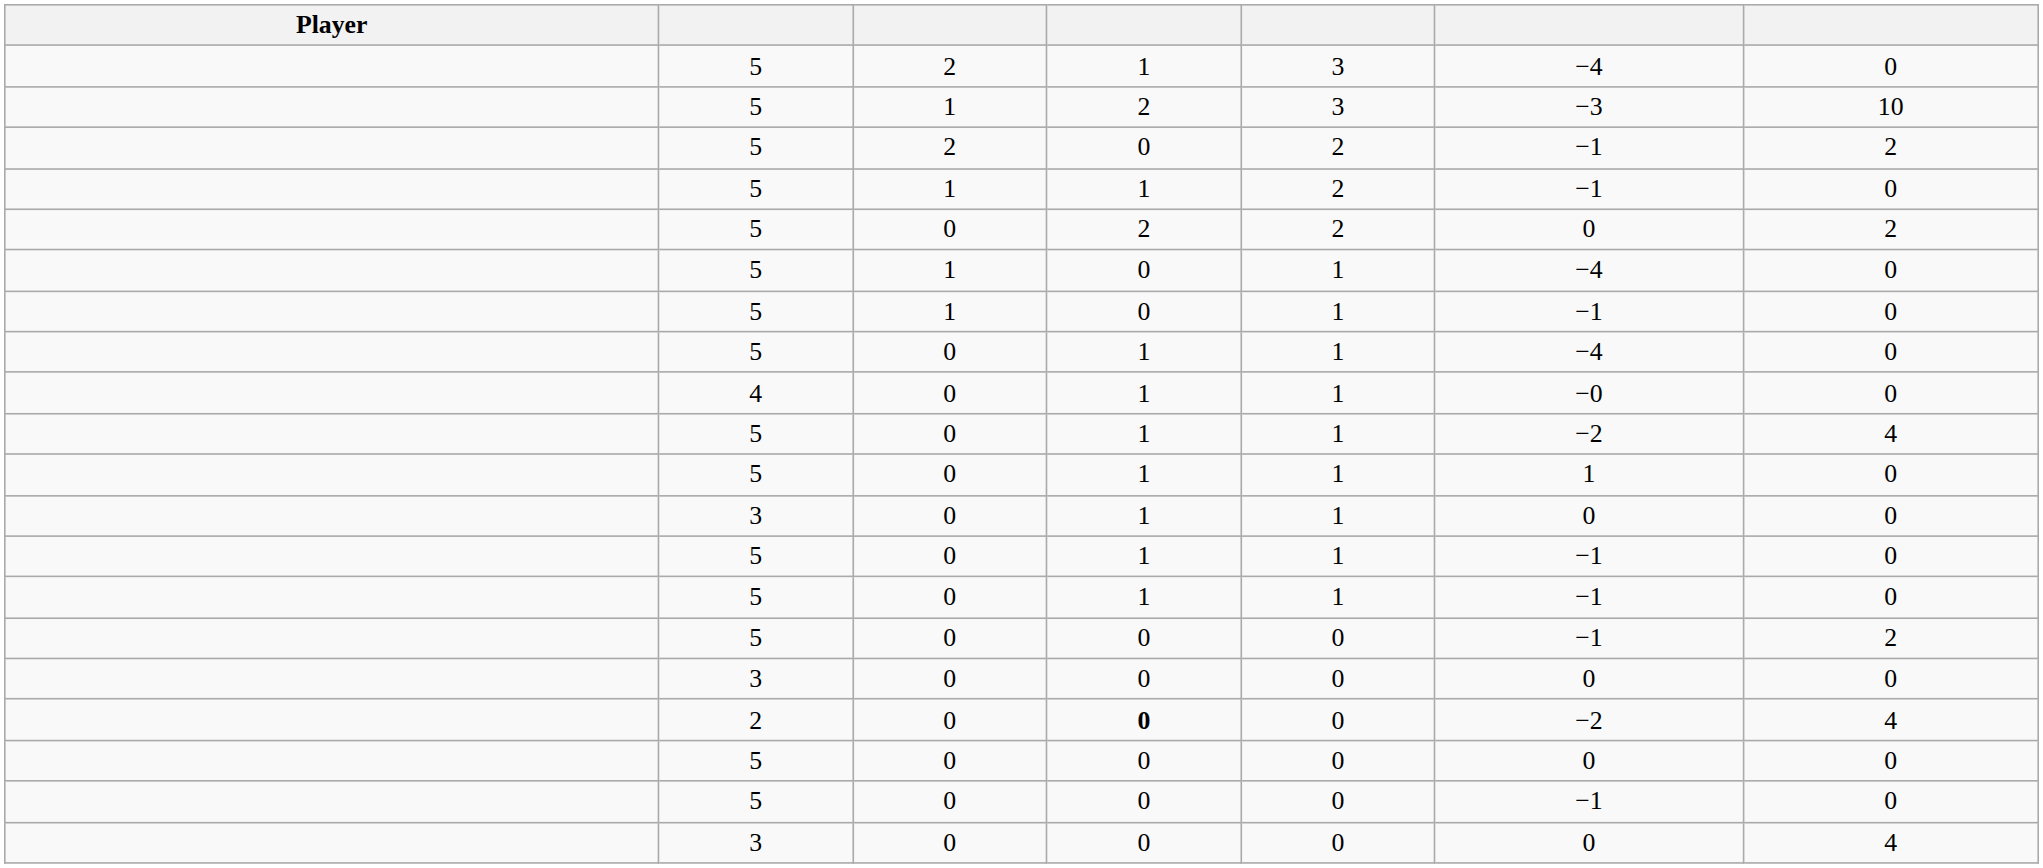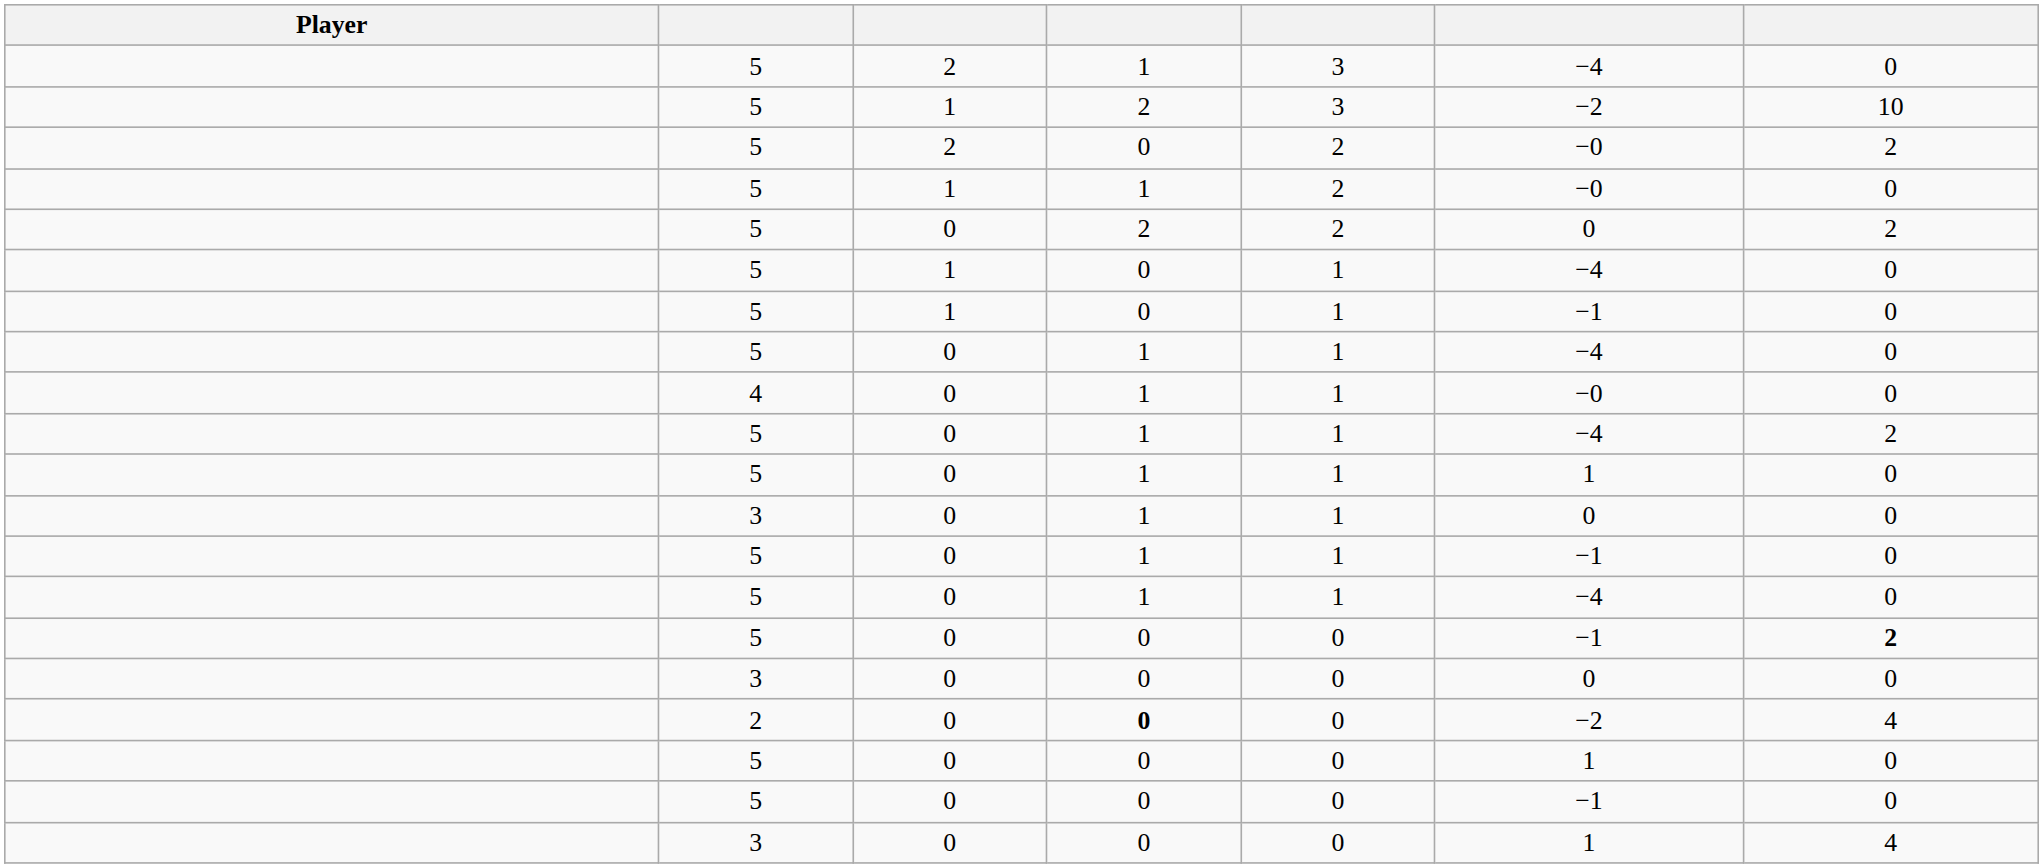 <table class="wikitable sortable" style="width:100%; text-align:center;">
 <tr>
 <th>Player</th>
 <th></th>
 <th></th>
 <th></th>
 <th></th>
 <th data-sort-type="number"></th>
 <th></th>
 </tr>
 <tr>
 <td></td>
 <td>5</td>
 <td>2</td>
 <td>1</td>
 <td>3</td>
 <td>−4</td>
 <td>0</td>
 </tr>
 <tr>
 <td></td>
 <td>5</td>
 <td>1</td>
 <td>2</td>
 <td>3</td>
-<td>−3</td>
+<td>−2</td>
 <td>10</td>
 </tr>
 <tr>
 <td></td>
 <td>5</td>
 <td>2</td>
 <td>0</td>
 <td>2</td>
-<td>−1</td>
+<td>−0</td>
 <td>2</td>
 </tr>
 <tr>
 <td></td>
 <td>5</td>
 <td>1</td>
 <td>1</td>
 <td>2</td>
-<td>−1</td>
+<td>−0</td>
 <td>0</td>
 </tr>
 <tr>
 <td></td>
 <td>5</td>
 <td>0</td>
 <td>2</td>
 <td>2</td>
 <td>0</td>
 <td>2</td>
 </tr>
 <tr>
 <td></td>
 <td>5</td>
 <td>1</td>
 <td>0</td>
 <td>1</td>
 <td>−4</td>
 <td>0</td>
 </tr>
 <tr>
 <td></td>
 <td>5</td>
 <td>1</td>
 <td>0</td>
 <td>1</td>
 <td>−1</td>
 <td>0</td>
 </tr>
 <tr>
 <td></td>
 <td>5</td>
 <td>0</td>
 <td>1</td>
 <td>1</td>
 <td>−4</td>
 <td>0</td>
 </tr>
 <tr>
 <td></td>
 <td>4</td>
 <td>0</td>
 <td>1</td>
 <td>1</td>
 <td>−0</td>
 <td>0</td>
 </tr>
 <tr>
 <td></td>
 <td>5</td>
 <td>0</td>
 <td>1</td>
 <td>1</td>
-<td>−2</td>
-<td>4</td>
+<td>−4</td>
+<td>2</td>
 </tr>
 <tr>
 <td></td>
 <td>5</td>
 <td>0</td>
 <td>1</td>
 <td>1</td>
 <td>1</td>
 <td>0</td>
 </tr>
 <tr>
 <td></td>
 <td>3</td>
 <td>0</td>
 <td>1</td>
 <td>1</td>
 <td>0</td>
 <td>0</td>
 </tr>
 <tr>
 <td></td>
 <td>5</td>
 <td>0</td>
 <td>1</td>
 <td>1</td>
 <td>−1</td>
 <td>0</td>
 </tr>
 <tr>
 <td></td>
 <td>5</td>
 <td>0</td>
 <td>1</td>
 <td>1</td>
-<td>−1</td>
+<td>−4</td>
 <td>0</td>
 </tr>
 <tr>
 <td></td>
 <td>5</td>
 <td>0</td>
 <td>0</td>
 <td>0</td>
 <td>−1</td>
-<td>2</td>
+<td><strong>2</strong></td>
 </tr>
 <tr>
 <td></td>
 <td>3</td>
 <td>0</td>
 <td>0</td>
 <td>0</td>
 <td>0</td>
 <td>0</td>
 </tr>
 <tr>
 <td></td>
 <td>2</td>
 <td>0</td>
 <td><strong>0</strong></td>
 <td>0</td>
 <td>−2</td>
 <td>4</td>
 </tr>
 <tr>
 <td></td>
 <td>5</td>
 <td>0</td>
 <td>0</td>
 <td>0</td>
-<td>0</td>
+<td>1</td>
 <td>0</td>
 </tr>
 <tr>
 <td></td>
 <td>5</td>
 <td>0</td>
 <td>0</td>
 <td>0</td>
 <td>−1</td>
 <td>0</td>
 </tr>
 <tr>
 <td></td>
 <td>3</td>
 <td>0</td>
 <td>0</td>
 <td>0</td>
-<td>0</td>
+<td>1</td>
 <td>4</td>
 </tr>
 </table>
